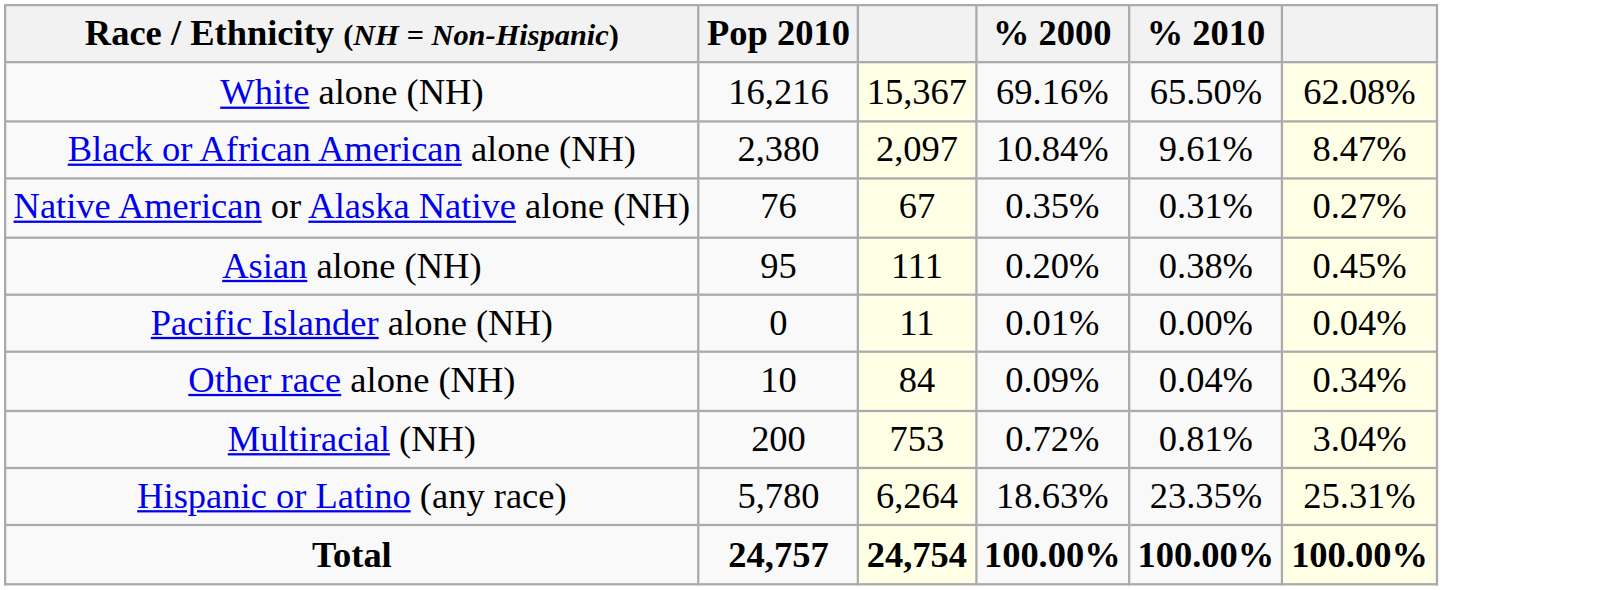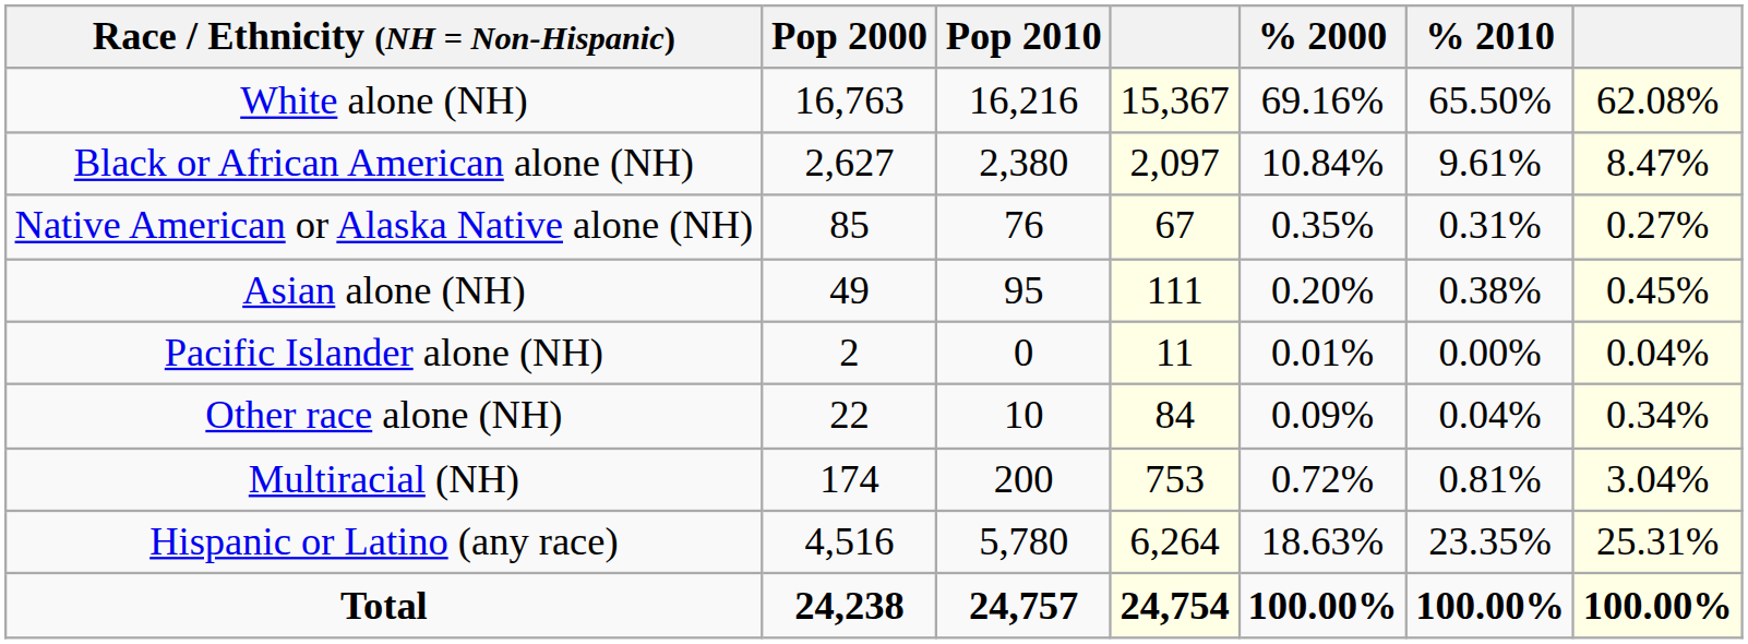 <table class="wikitable" style="text-align:center;">
 <tr>
 <th>Race / Ethnicity <small>(<em>NH = Non-Hispanic</em>)</small></th>
+<th>Pop 2000</th>
 <th>Pop 2010</th>
 <th></th>
 <th>% 2000</th>
 <th>% 2010</th>
 <th></th>
 </tr>
 <tr>
 <td><a href='#'>White</a> alone (NH)</td>
+<td>16,763</td>
 <td>16,216</td>
 <td style='background: #ffffe6;'>15,367</td>
 <td>69.16%</td>
 <td>65.50%</td>
 <td style='background: #ffffe6;'>62.08%</td>
 </tr>
 <tr>
 <td><a href='#'>Black or African American</a> alone (NH)</td>
+<td>2,627</td>
 <td>2,380</td>
 <td style='background: #ffffe6;'>2,097</td>
 <td>10.84%</td>
 <td>9.61%</td>
 <td style='background: #ffffe6;'>8.47%</td>
 </tr>
 <tr>
 <td><a href='#'>Native American</a> or <a href='#'>Alaska Native</a> alone (NH)</td>
+<td>85</td>
 <td>76</td>
 <td style='background: #ffffe6;'>67</td>
 <td>0.35%</td>
 <td>0.31%</td>
 <td style='background: #ffffe6;'>0.27%</td>
 </tr>
 <tr>
 <td><a href='#'>Asian</a> alone (NH)</td>
+<td>49</td>
 <td>95</td>
 <td style='background: #ffffe6;'>111</td>
 <td>0.20%</td>
 <td>0.38%</td>
 <td style='background: #ffffe6;'>0.45%</td>
 </tr>
 <tr>
 <td><a href='#'>Pacific Islander</a> alone (NH)</td>
+<td>2</td>
 <td>0</td>
 <td style='background: #ffffe6;'>11</td>
 <td>0.01%</td>
 <td>0.00%</td>
 <td style='background: #ffffe6;'>0.04%</td>
 </tr>
 <tr>
 <td><a href='#'>Other race</a> alone (NH)</td>
+<td>22</td>
 <td>10</td>
 <td style='background: #ffffe6;'>84</td>
 <td>0.09%</td>
 <td>0.04%</td>
 <td style='background: #ffffe6;'>0.34%</td>
 </tr>
 <tr>
 <td><a href='#'>Multiracial</a> (NH)</td>
+<td>174</td>
 <td>200</td>
 <td style='background: #ffffe6;'>753</td>
 <td>0.72%</td>
 <td>0.81%</td>
 <td style='background: #ffffe6;'>3.04%</td>
 </tr>
 <tr>
 <td><a href='#'>Hispanic or Latino</a> (any race)</td>
+<td>4,516</td>
 <td>5,780</td>
 <td style='background: #ffffe6;'>6,264</td>
 <td>18.63%</td>
 <td>23.35%</td>
 <td style='background: #ffffe6;'>25.31%</td>
 </tr>
 <tr>
 <td><strong>Total</strong></td>
+<td><strong>24,238</strong></td>
 <td><strong>24,757</strong></td>
 <td style='background: #ffffe6;'><strong>24,754</strong></td>
 <td><strong>100.00%</strong></td>
 <td><strong>100.00%</strong></td>
 <td style='background: #ffffe6;'><strong>100.00%</strong></td>
 </tr>
 </table>
